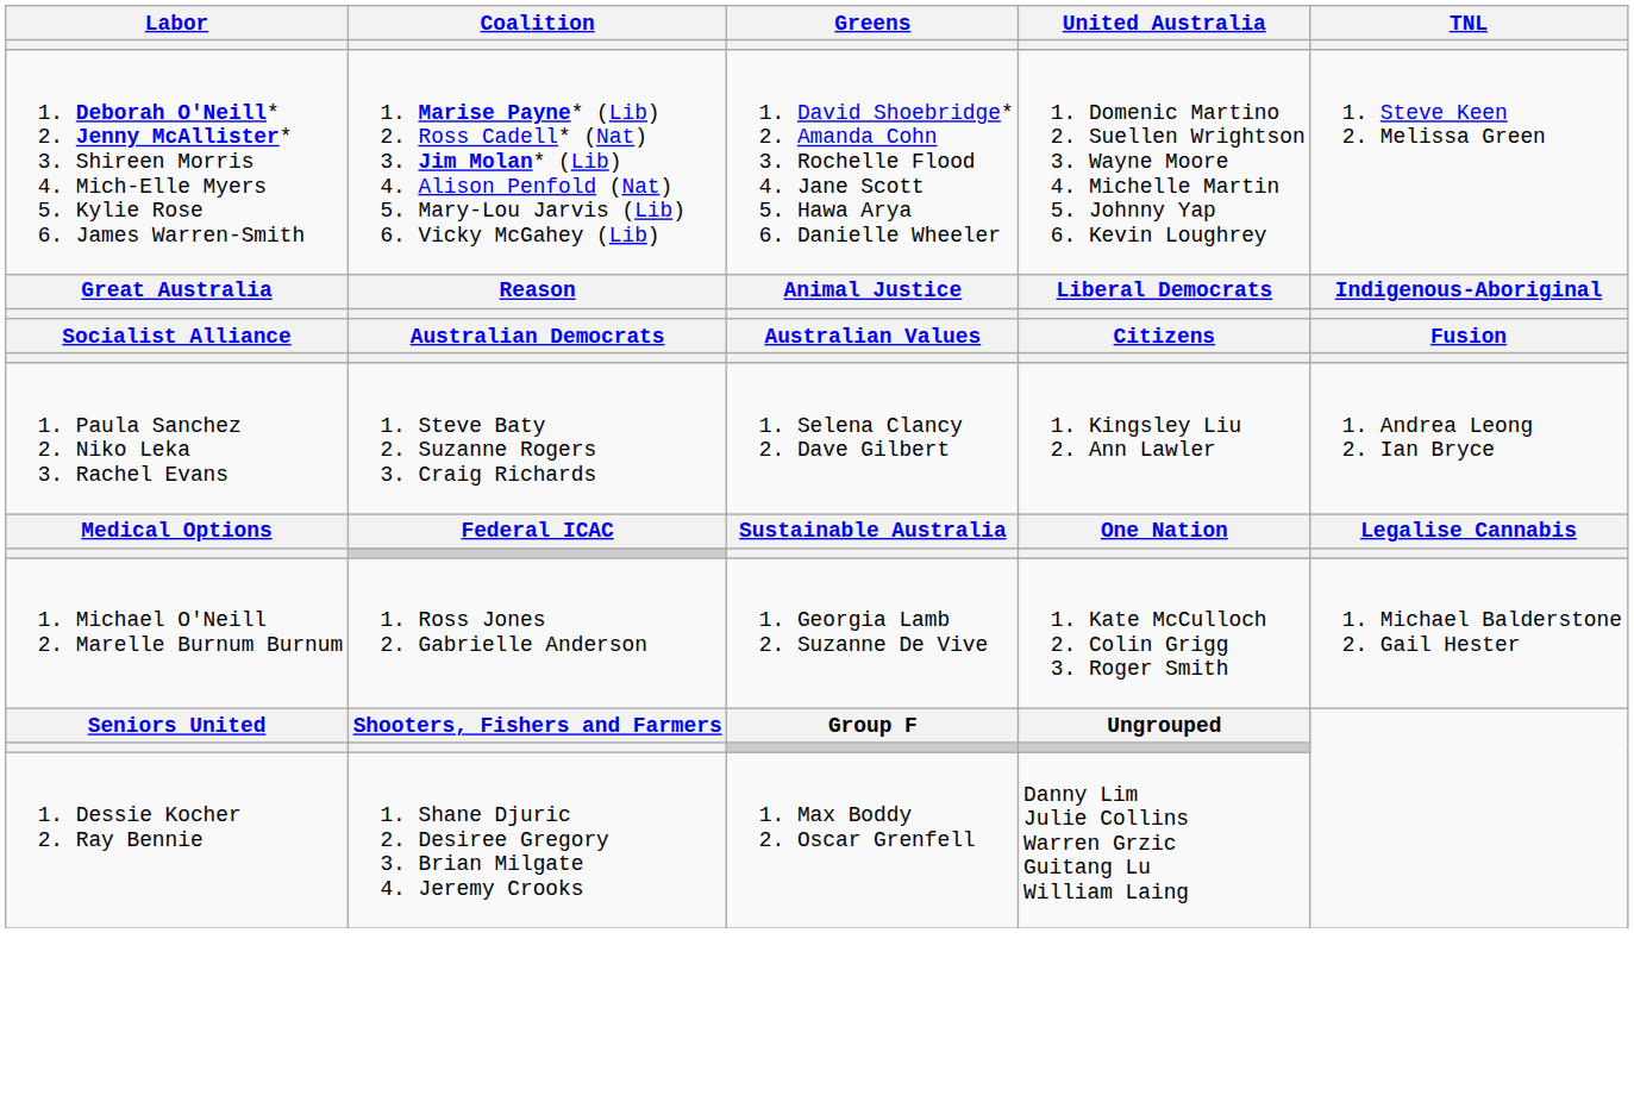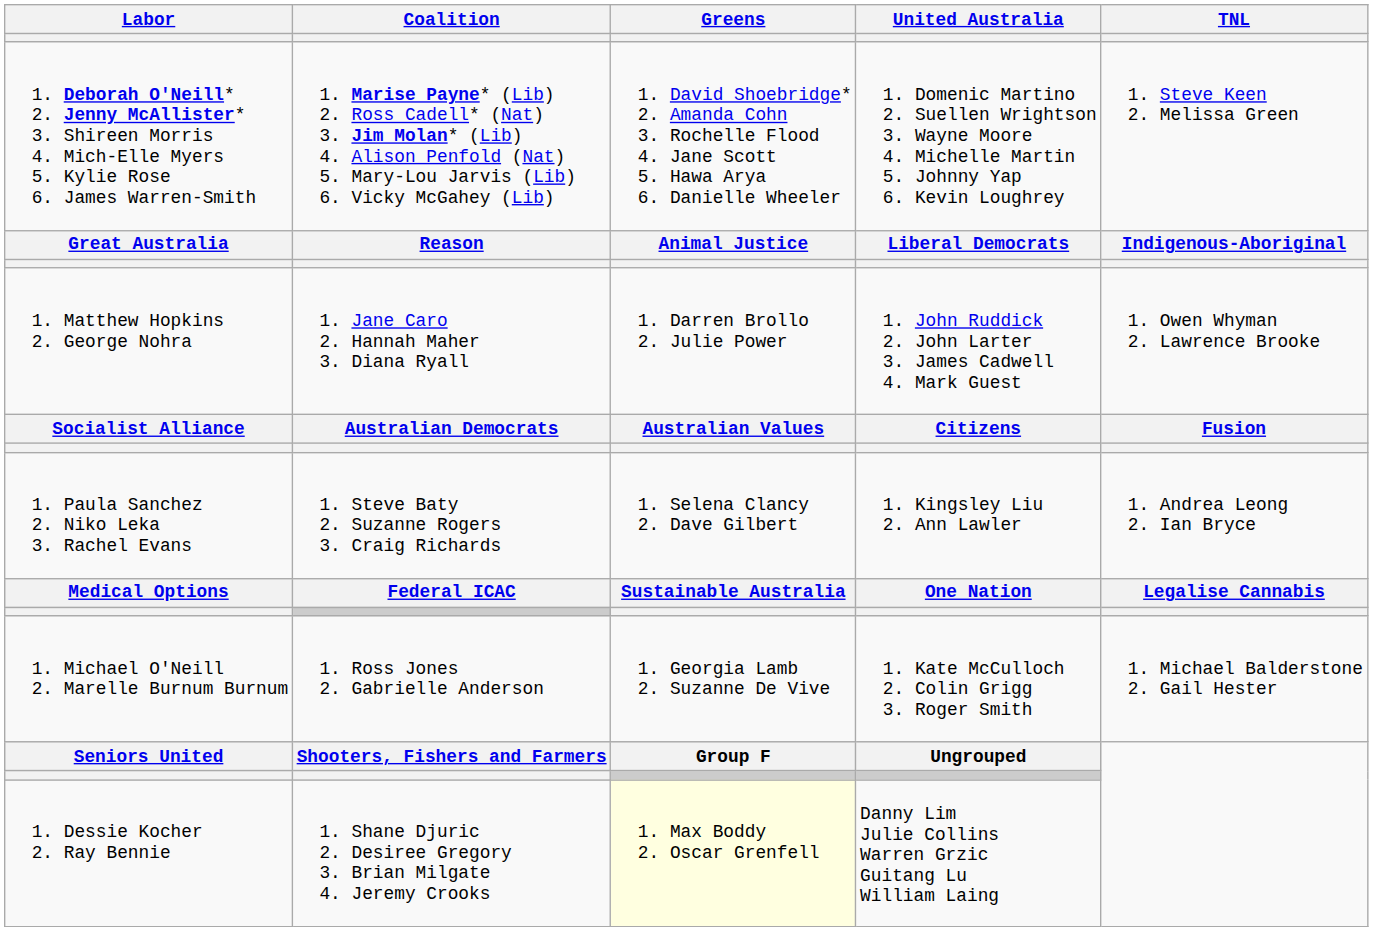 <table class=wikitable>
 <tr>
 <th><a href='#'>Labor</a></th>
 <th><a href='#'>Coalition</a></th>
 <th><a href='#'>Greens</a></th>
 <th><a href='#'>United Australia</a></th>
 <th><a href='#'>TNL</a></th>
 </tr>
 <tr style=background:#ccc>
 <th></th>
 <th></th>
 <th></th>
 <th></th>
 <th></th>
 </tr>
 <tr>
 <td><br><ol><li><strong><a href='#'>Deborah O'Neill</a></strong>*</li><li><strong><a href='#'>Jenny McAllister</a></strong>*</li><li>Shireen Morris</li><li>Mich-Elle Myers</li><li>Kylie Rose</li><li>James Warren-Smith</li></ol></td>
 <td><br><ol><li><strong><a href='#'>Marise Payne</a></strong>* (<a href='#'>Lib</a>)</li><li><a href='#'>Ross Cadell</a>* (<a href='#'>Nat</a>)</li><li><strong><a href='#'>Jim Molan</a></strong>* (<a href='#'>Lib</a>)</li><li><a href='#'>Alison Penfold</a>  (<a href='#'>Nat</a>)</li><li>Mary-Lou Jarvis (<a href='#'>Lib</a>)</li><li>Vicky McGahey (<a href='#'>Lib</a>)</li></ol></td>
 <td><br><ol><li><a href='#'>David Shoebridge</a>*</li><li><a href='#'>Amanda Cohn</a></li><li>Rochelle Flood</li><li>Jane Scott</li><li>Hawa Arya</li><li>Danielle Wheeler</li></ol></td>
 <td valign=top><br><ol><li>Domenic Martino</li><li>Suellen Wrightson</li><li>Wayne Moore</li><li>Michelle Martin</li><li>Johnny Yap</li><li>Kevin Loughrey</li></ol></td>
 <td valign=top><br><ol><li><a href='#'>Steve Keen</a></li><li>Melissa Green</li></ol></td>
 </tr>
 <tr>
 <th><a href='#'>Great Australia</a></th>
 <th><a href='#'>Reason</a></th>
 <th><a href='#'>Animal Justice</a></th>
 <th><a href='#'>Liberal Democrats</a></th>
 <th><a href='#'>Indigenous-Aboriginal</a></th>
 </tr>
 <tr style=background:#ccc>
 <th></th>
 <th></th>
 <th></th>
 <th></th>
 <th></th>
+</tr>
+<tr>
+<td valign=top><br><ol><li>Matthew Hopkins</li><li>George Nohra</li></ol></td>
+<td valign=top><br><ol><li><a href='#'>Jane Caro</a></li><li>Hannah Maher</li><li>Diana Ryall</li></ol></td>
+<td valign=top><br><ol><li>Darren Brollo</li><li>Julie Power</li></ol></td>
+<td valign=top><br><ol><li><a href='#'>John Ruddick</a></li><li>John Larter</li><li>James Cadwell</li><li>Mark Guest</li></ol></td>
+<td valign=top><br><ol><li>Owen Whyman</li><li>Lawrence Brooke</li></ol></td>
 </tr>
 <tr>
 <th><a href='#'>Socialist Alliance</a></th>
 <th><a href='#'>Australian Democrats</a></th>
 <th><a href='#'>Australian Values</a></th>
 <th><a href='#'>Citizens</a></th>
 <th><a href='#'>Fusion</a></th>
 </tr>
 <tr style=background:#ccc>
 <th></th>
 <th></th>
 <th></th>
 <th></th>
 <th></th>
 </tr>
 <tr>
 <td valign=top><br><ol><li>Paula Sanchez</li><li>Niko Leka</li><li>Rachel Evans</li></ol></td>
 <td valign=top><br><ol><li>Steve Baty</li><li>Suzanne Rogers</li><li>Craig Richards</li></ol></td>
 <td valign=top><br><ol><li>Selena Clancy</li><li>Dave Gilbert</li></ol></td>
 <td valign=top><br><ol><li>Kingsley Liu</li><li>Ann Lawler</li></ol></td>
 <td valign=top><br><ol><li>Andrea Leong</li><li>Ian Bryce</li></ol></td>
 </tr>
 <tr style=background:#ccc>
 <th><a href='#'>Medical Options</a></th>
 <th><a href='#'>Federal ICAC</a></th>
 <th><a href='#'>Sustainable Australia</a></th>
 <th><a href='#'>One Nation</a></th>
 <th><a href='#'>Legalise Cannabis</a></th>
 </tr>
 <tr style=background:#ccc>
 <th></th>
 <td></td>
 <th></th>
 <th></th>
 <th></th>
 </tr>
 <tr>
 <td valign=top><br><ol><li>Michael O'Neill</li><li>Marelle Burnum Burnum</li></ol></td>
 <td valign=top><br><ol><li>Ross Jones</li><li>Gabrielle Anderson</li></ol></td>
 <td valign=top><br><ol><li>Georgia Lamb</li><li>Suzanne De Vive</li></ol></td>
 <td valign=top><br><ol><li>Kate McCulloch</li><li>Colin Grigg</li><li>Roger Smith</li></ol></td>
 <td valign=top><br><ol><li>Michael Balderstone</li><li>Gail Hester</li></ol></td>
 </tr>
 <tr style=background:#ccc>
 <th><a href='#'>Seniors United</a></th>
 <th><a href='#'>Shooters, Fishers and Farmers</a></th>
 <th>Group F</th>
 <th>Ungrouped</th>
 </tr>
 <tr style=background:#ccc>
 <th></th>
 <th></th>
 <td></td>
 <td></td>
 </tr>
 <tr>
 <td valign=top><br><ol><li>Dessie Kocher</li><li>Ray Bennie</li></ol></td>
 <td valign=top><br><ol><li>Shane Djuric</li><li>Desiree Gregory</li><li>Brian Milgate</li><li>Jeremy Crooks</li></ol></td>
-<td valign=top><br><ol><li>Max Boddy</li><li>Oscar Grenfell</li></ol></td>
+<td valign=top style="background: lightyellow;"><br><ol><li>Max Boddy</li><li>Oscar Grenfell</li></ol></td>
 <td valign=top><br>Danny Lim<br> Julie Collins<br> Warren Grzic<br> Guitang Lu<br> William Laing</td>
 </tr>
 </table>
